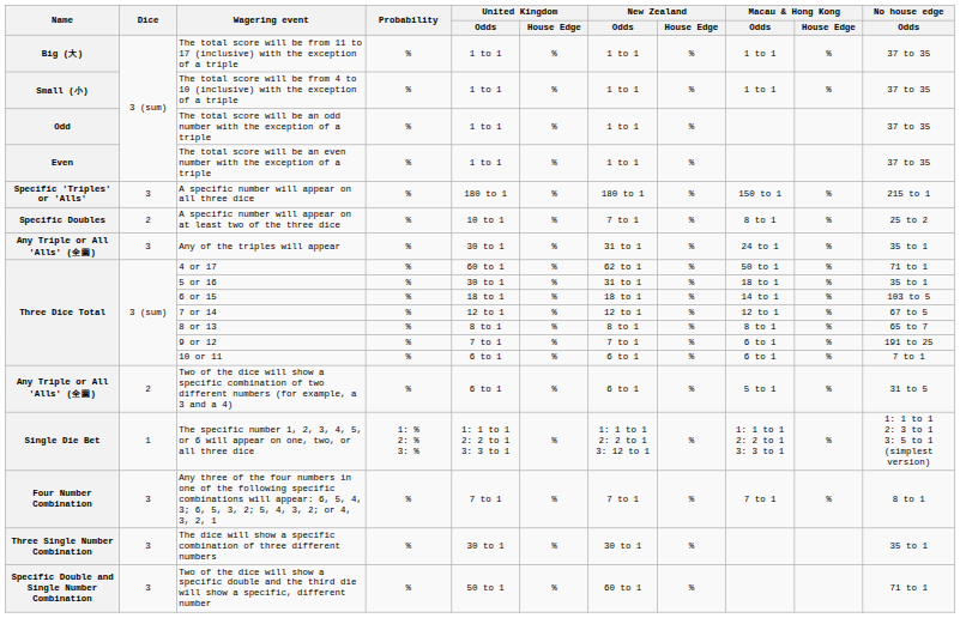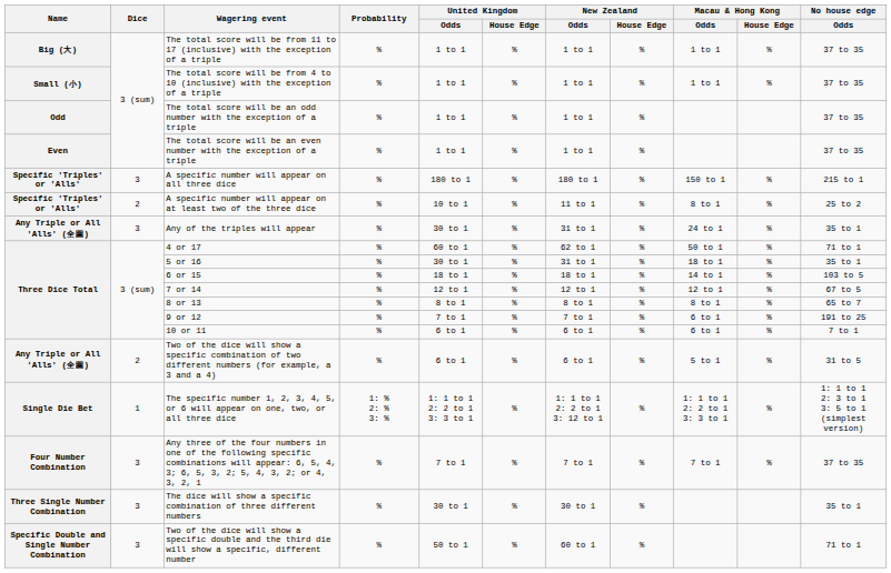 <table class="wikitable sortable" border="1" width="98%" style="font-size:90%;text-align:center;">
 <tr>
 <th rowspan="2" width="10%">Name</th>
 <th rowspan=2 width="5%">Dice</th>
 <th rowspan="2" width="16.5%">Wagering event</th>
 <th rowspan="2" width="7.5%">Probability</th>
 <th colspan="2" width="12%">United Kingdom</th>
 <th colspan="2" width="12%">New Zealand</th>
 <th colspan="2" width="12%">Macau & Hong Kong</th>
 <th width="8%">No house edge</th>
 </tr>
 <tr>
 <th align="center" width="6%">Odds</th>
 <th align="center" width="6%">House Edge</th>
 <th align="center" width="6%">Odds</th>
 <th align="center" width="6%">House Edge</th>
 <th align="center" width="6%">Odds</th>
 <th align="center" width="6%">House Edge</th>
 <th align="center" width="8%">Odds</th>
 </tr>
 <tr>
 <th>Big (大)</th>
 <td rowspan=4>3 (sum)</td>
 <td style="text-align:left;">The total score will be from 11 to 17 (inclusive) with the exception of a triple</td>
 <td>%</td>
 <td>1 to 1</td>
 <td>%</td>
 <td>1 to 1</td>
 <td>%</td>
 <td>1 to 1</td>
 <td>%</td>
 <td>37 to 35</td>
 </tr>
 <tr>
 <th>Small (小)</th>
 <td style="text-align:left;">The total score will be from 4 to 10 (inclusive) with the exception of a triple</td>
 <td>%</td>
 <td>1 to 1</td>
 <td>%</td>
 <td>1 to 1</td>
 <td>%</td>
 <td>1 to 1</td>
 <td>%</td>
 <td>37 to 35</td>
 </tr>
 <tr>
 <th>Odd</th>
 <td style="text-align:left;">The total score will be an odd number with the exception of a triple</td>
 <td>%</td>
 <td>1 to 1</td>
 <td>%</td>
 <td>1 to 1</td>
 <td>%</td>
 <td></td>
 <td></td>
 <td>37 to 35</td>
 </tr>
 <tr>
 <th>Even</th>
 <td style="text-align:left;">The total score will be an even number with the exception of a triple</td>
 <td>%</td>
 <td>1 to 1</td>
 <td>%</td>
 <td>1 to 1</td>
 <td>%</td>
 <td></td>
 <td></td>
 <td>37 to 35</td>
 </tr>
 <tr>
 <th>Specific 'Triples' or 'Alls'</th>
 <td>3</td>
 <td style="text-align:left;">A specific number will appear on all three dice</td>
 <td>%</td>
 <td>180 to 1</td>
 <td>%</td>
 <td>180 to 1</td>
 <td>%</td>
 <td>150 to 1</td>
 <td>%</td>
 <td>215 to 1</td>
 </tr>
 <tr>
-<th>Specific Doubles</th>
+<th>Specific 'Triples' or 'Alls'</th>
 <td>2</td>
 <td style="text-align:left;">A specific number will appear on at least two of the three dice</td>
 <td>%</td>
 <td>10 to 1</td>
 <td>%</td>
-<td>7 to 1</td>
+<td>11 to 1</td>
 <td>%</td>
 <td>8 to 1</td>
 <td>%</td>
 <td>25 to 2</td>
 </tr>
 <tr>
 <th>Any Triple or All 'Alls' (全圍)</th>
 <td>3</td>
 <td style="text-align:left;">Any of the triples will appear</td>
 <td>%</td>
 <td>30 to 1</td>
 <td>%</td>
 <td>31 to 1</td>
 <td>%</td>
 <td>24 to 1</td>
 <td>%</td>
 <td>35 to 1</td>
 </tr>
 <tr>
 <th rowspan="7">Three Dice Total</th>
 <td rowspan=7>3 (sum)</td>
 <td style="text-align:left;">4 or 17</td>
 <td>%</td>
 <td>60 to 1</td>
 <td>%</td>
 <td>62 to 1</td>
 <td>%</td>
 <td>50 to 1</td>
 <td>%</td>
 <td>71 to 1</td>
 </tr>
 <tr>
 <td style="text-align:left;">5 or 16</td>
 <td>%</td>
 <td>30 to 1</td>
 <td>%</td>
 <td>31 to 1</td>
 <td>%</td>
 <td>18 to 1</td>
 <td>%</td>
 <td>35 to 1</td>
 </tr>
 <tr>
 <td style="text-align:left;">6 or 15</td>
 <td>%</td>
 <td>18 to 1</td>
 <td>%</td>
 <td>18 to 1</td>
 <td>%</td>
 <td>14 to 1</td>
 <td>%</td>
 <td>103 to 5</td>
 </tr>
 <tr>
 <td style="text-align:left;">7 or 14</td>
 <td>%</td>
 <td>12 to 1</td>
 <td>%</td>
 <td>12 to 1</td>
 <td>%</td>
 <td>12 to 1</td>
 <td>%</td>
 <td>67 to 5</td>
 </tr>
 <tr>
 <td style="text-align:left;">8 or 13</td>
 <td>%</td>
 <td>8 to 1</td>
 <td>%</td>
 <td>8 to 1</td>
 <td>%</td>
 <td>8 to 1</td>
 <td>%</td>
 <td>65 to 7</td>
 </tr>
 <tr>
 <td style="text-align:left;">9 or 12</td>
 <td>%</td>
 <td>7 to 1</td>
 <td>%</td>
 <td>7 to 1</td>
 <td>%</td>
 <td>6 to 1</td>
 <td>%</td>
 <td>191 to 25</td>
 </tr>
 <tr>
 <td style="text-align:left;">10 or 11</td>
 <td>%</td>
 <td>6 to 1</td>
 <td>%</td>
 <td>6 to 1</td>
 <td>%</td>
 <td>6 to 1</td>
 <td>%</td>
 <td>7 to 1</td>
 </tr>
 <tr>
 <th>Any Triple or All 'Alls' (全圍)</th>
 <td>2</td>
 <td style="text-align:left;">Two of the dice will show a specific combination of two different numbers (for example, a 3 and a 4)</td>
 <td>%</td>
 <td>6 to 1</td>
 <td>%</td>
 <td>6 to 1</td>
 <td>%</td>
 <td>5 to 1</td>
 <td>%</td>
 <td>31 to 5</td>
 </tr>
 <tr>
 <th>Single Die Bet</th>
 <td>1</td>
 <td style="text-align:left;">The specific number 1, 2, 3, 4, 5, or 6 will appear on one, two, or all three dice</td>
 <td>1: %<br>2: %<br>3: %</td>
 <td>1: 1 to 1<br>2: 2 to 1<br>3: 3 to 1</td>
 <td>%</td>
 <td>1: 1 to 1<br>2: 2 to 1<br>3: 12 to 1</td>
 <td>%</td>
 <td>1: 1 to 1<br>2: 2 to 1<br>3: 3 to 1</td>
 <td>%</td>
 <td>1: 1 to 1<br>2: 3 to 1<br>3: 5 to 1 (simplest version)</td>
 </tr>
 <tr>
 <th>Four Number Combination</th>
 <td>3</td>
 <td style="text-align:left;">Any three of the four numbers in one of the following specific combinations will appear: 6, 5, 4, 3; 6, 5, 3, 2; 5, 4, 3, 2; or 4, 3, 2, 1</td>
 <td>%</td>
 <td>7 to 1</td>
 <td>%</td>
 <td>7 to 1</td>
 <td>%</td>
 <td>7 to 1</td>
 <td>%</td>
-<td>8 to 1</td>
+<td>37 to 35</td>
 </tr>
 <tr>
 <th>Three Single Number Combination</th>
 <td>3</td>
 <td style="text-align:left;">The dice will show a specific combination of three different numbers</td>
 <td>%</td>
 <td>30 to 1</td>
 <td>%</td>
 <td>30 to 1</td>
 <td>%</td>
 <td></td>
 <td></td>
 <td>35 to 1</td>
 </tr>
 <tr>
 <th>Specific Double and Single Number Combination</th>
 <td>3</td>
 <td style="text-align:left;">Two of the dice will show a specific double and the third die will show a specific, different number</td>
 <td>%</td>
 <td>50 to 1</td>
 <td>%</td>
 <td>60 to 1</td>
 <td>%</td>
 <td></td>
 <td></td>
 <td>71 to 1</td>
 </tr>
 </table>
